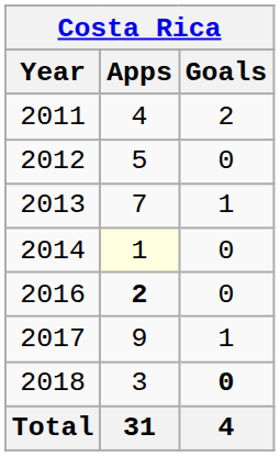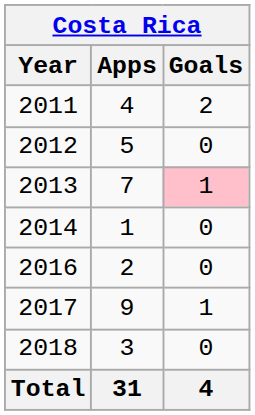 <table class="wikitable" style="text-align:center">
 <tr>
 <th colspan=3><a href='#'>Costa Rica</a></th>
 </tr>
 <tr>
 <th>Year</th>
 <th>Apps</th>
 <th>Goals</th>
 </tr>
 <tr>
 <td>2011</td>
 <td>4</td>
 <td>2</td>
 </tr>
 <tr>
 <td>2012</td>
 <td>5</td>
 <td>0</td>
 </tr>
 <tr>
 <td>2013</td>
 <td>7</td>
-<td>1</td>
+<td style="background: pink;">1</td>
 </tr>
 <tr>
 <td>2014</td>
-<td style="background: lightyellow;">1</td>
+<td>1</td>
 <td>0</td>
 </tr>
 <tr>
 <td>2016</td>
-<td><strong>2</strong></td>
+<td>2</td>
 <td>0</td>
 </tr>
 <tr>
 <td>2017</td>
 <td>9</td>
 <td>1</td>
 </tr>
 <tr>
 <td>2018</td>
 <td>3</td>
-<td><strong>0</strong></td>
+<td>0</td>
 </tr>
 <tr>
 <th>Total</th>
 <th>31</th>
 <th>4</th>
 </tr>
 </table>
